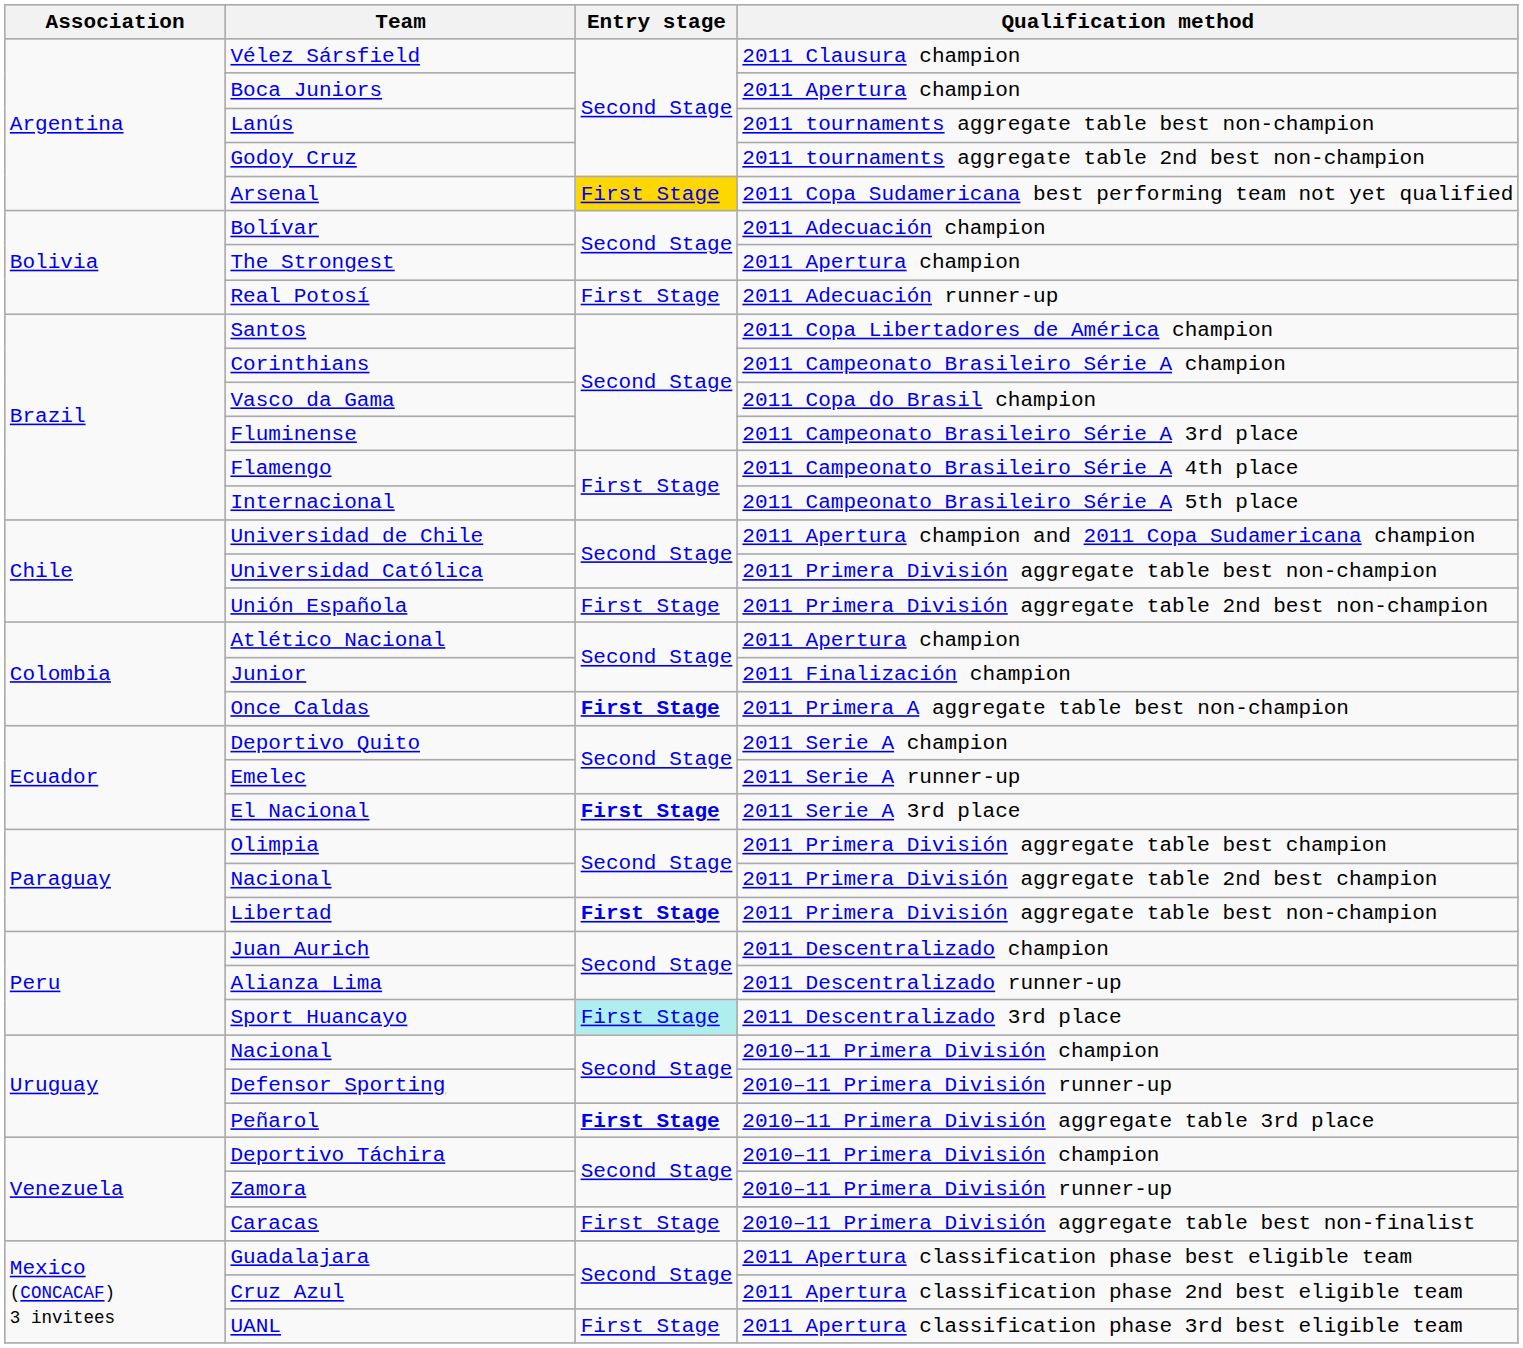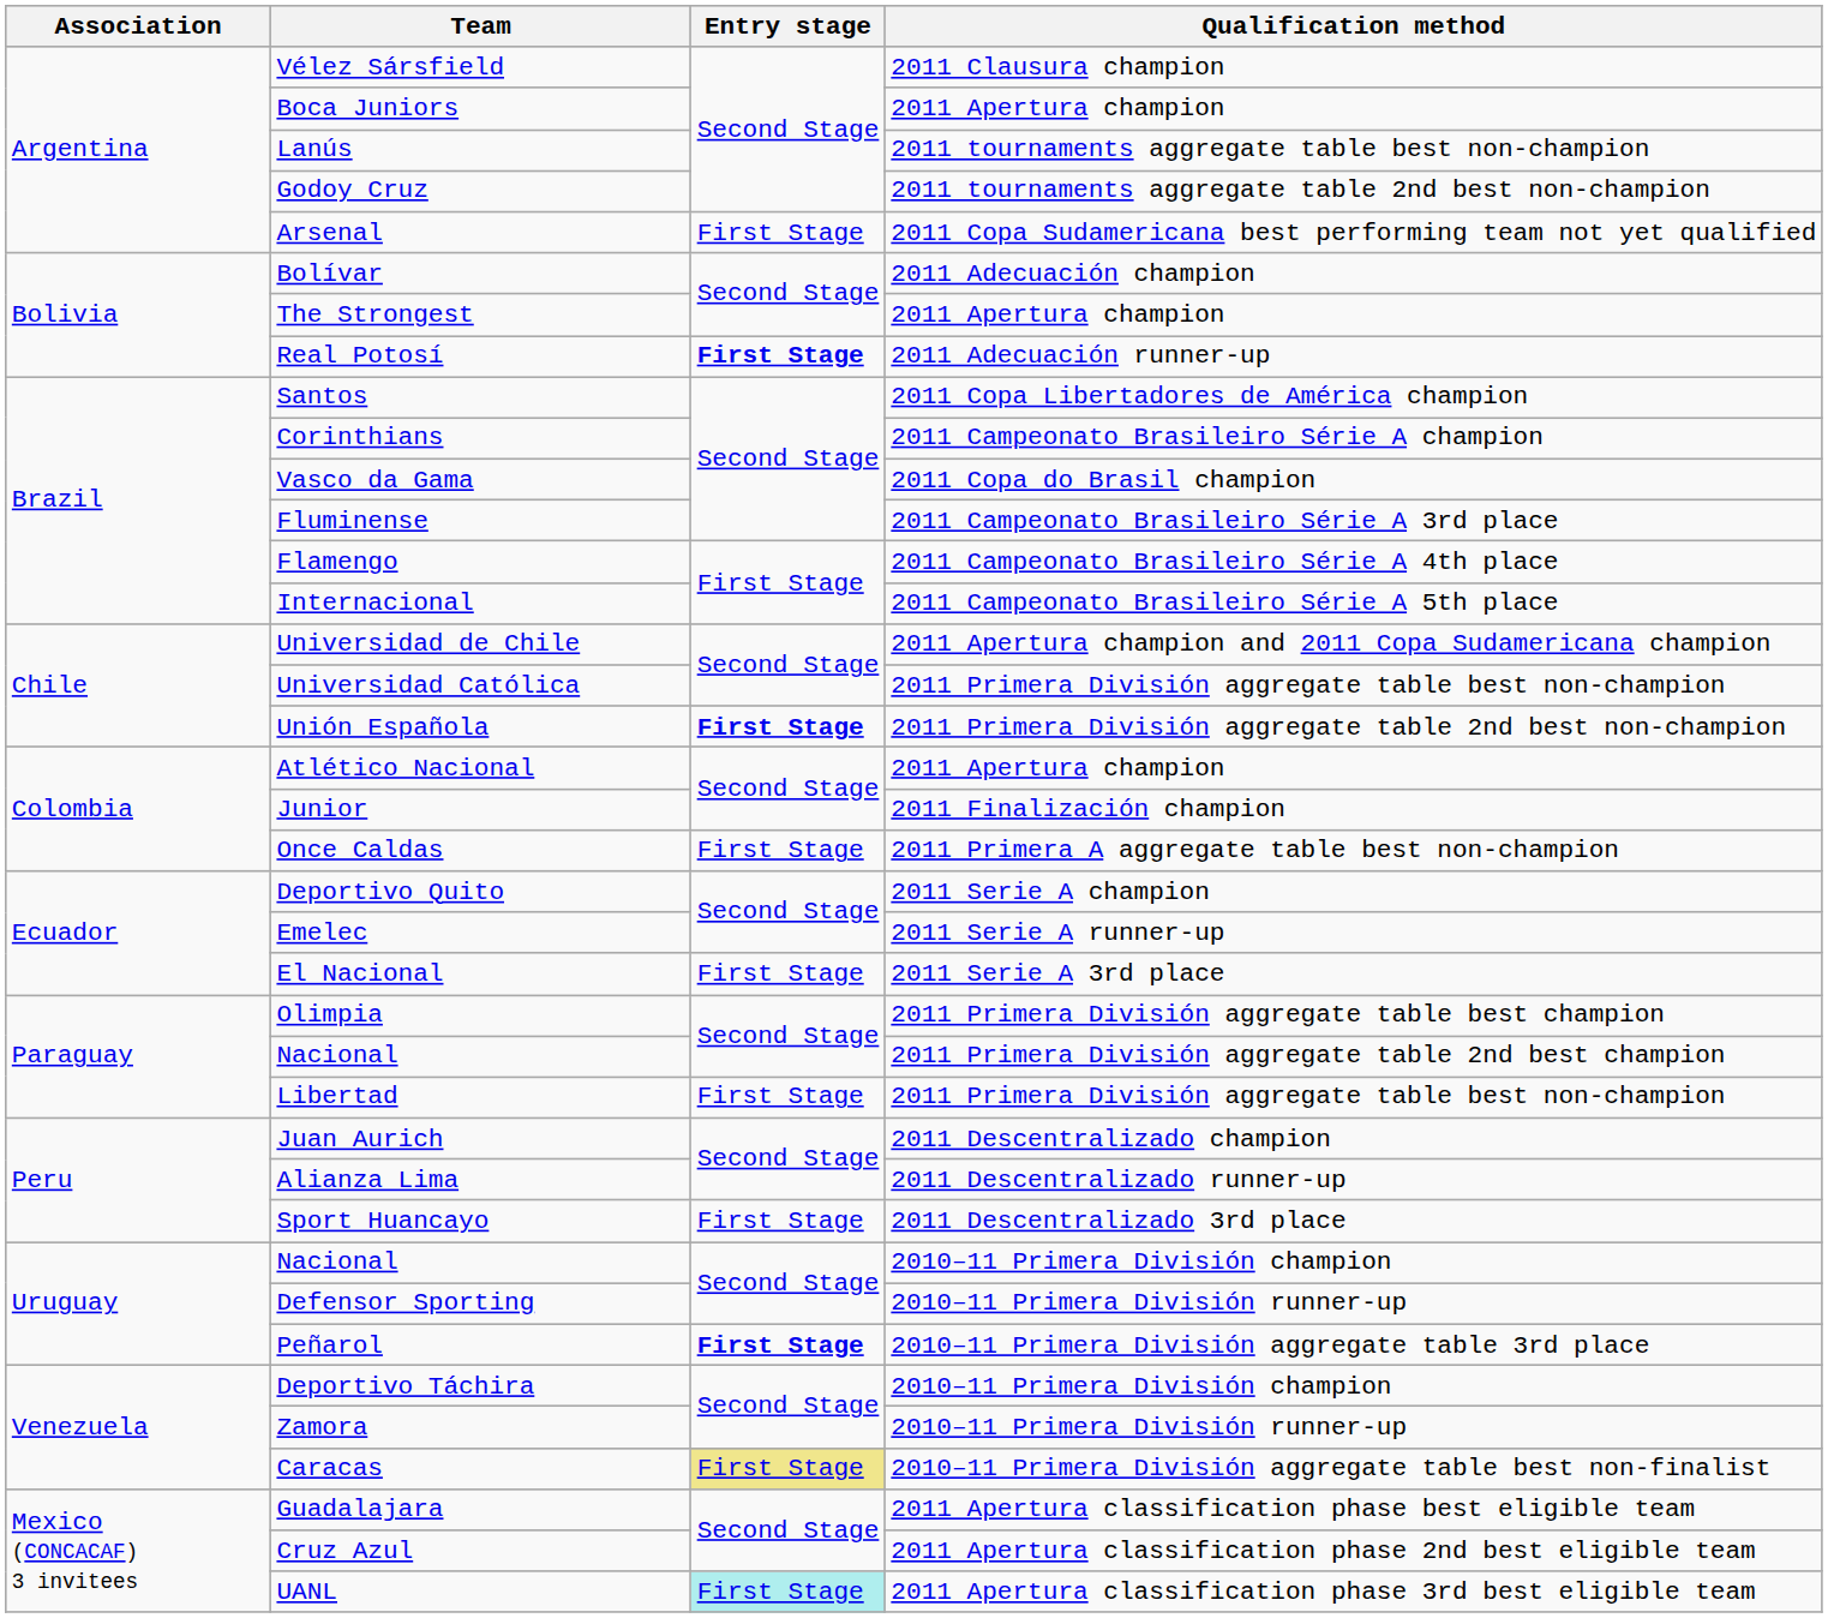 <table class="wikitable">
 <tr>
 <th width=130>Association</th>
 <th width=210>Team </th>
 <th>Entry stage</th>
 <th>Qualification method</th>
 </tr>
 <tr>
 <td rowspan="5"> <a href='#'>Argentina</a><br></td>
 <td><a href='#'>Vélez Sársfield</a> </td>
 <td rowspan="4"><a href='#'>Second Stage</a></td>
 <td><a href='#'>2011 Clausura</a> champion</td>
 </tr>
 <tr>
 <td><a href='#'>Boca Juniors</a> </td>
 <td><a href='#'>2011 Apertura</a> champion</td>
 </tr>
 <tr>
 <td><a href='#'>Lanús</a> </td>
 <td><a href='#'>2011 tournaments</a> aggregate table best non-champion</td>
 </tr>
 <tr>
 <td><a href='#'>Godoy Cruz</a> </td>
 <td><a href='#'>2011 tournaments</a> aggregate table 2nd best non-champion</td>
 </tr>
 <tr>
 <td><a href='#'>Arsenal</a> </td>
-<td style="background: gold;"><a href='#'>First Stage</a></td>
+<td><a href='#'>First Stage</a></td>
 <td><a href='#'>2011 Copa Sudamericana</a> best performing team not yet qualified</td>
 </tr>
 <tr>
 <td rowspan="3"> <a href='#'>Bolivia</a><br></td>
 <td><a href='#'>Bolívar</a> </td>
 <td rowspan="2"><a href='#'>Second Stage</a></td>
 <td><a href='#'>2011 Adecuación</a> champion</td>
 </tr>
 <tr>
 <td><a href='#'>The Strongest</a> </td>
 <td><a href='#'>2011 Apertura</a> champion</td>
 </tr>
 <tr>
 <td><a href='#'>Real Potosí</a> </td>
-<td><a href='#'>First Stage</a></td>
+<td><strong><a href='#'>First Stage</a></strong></td>
 <td><a href='#'>2011 Adecuación</a> runner-up</td>
 </tr>
 <tr>
 <td rowspan="6"> <a href='#'>Brazil</a><br></td>
 <td><a href='#'>Santos</a> </td>
 <td rowspan="4"><a href='#'>Second Stage</a></td>
 <td><a href='#'>2011 Copa Libertadores de América</a> champion</td>
 </tr>
 <tr>
 <td><a href='#'>Corinthians</a> </td>
 <td><a href='#'>2011 Campeonato Brasileiro Série A</a> champion</td>
 </tr>
 <tr>
 <td><a href='#'>Vasco da Gama</a> </td>
 <td><a href='#'>2011 Copa do Brasil</a> champion</td>
 </tr>
 <tr>
 <td><a href='#'>Fluminense</a> </td>
 <td><a href='#'>2011 Campeonato Brasileiro Série A</a> 3rd place</td>
 </tr>
 <tr>
 <td><a href='#'>Flamengo</a> </td>
 <td rowspan="2"><a href='#'>First Stage</a></td>
 <td><a href='#'>2011 Campeonato Brasileiro Série A</a> 4th place</td>
 </tr>
 <tr>
 <td><a href='#'>Internacional</a> </td>
 <td><a href='#'>2011 Campeonato Brasileiro Série A</a> 5th place</td>
 </tr>
 <tr>
 <td rowspan="3"> <a href='#'>Chile</a><br></td>
 <td><a href='#'>Universidad de Chile</a> </td>
 <td rowspan="2"><a href='#'>Second Stage</a></td>
 <td><a href='#'>2011 Apertura</a> champion and <a href='#'>2011 Copa Sudamericana</a> champion</td>
 </tr>
 <tr>
 <td><a href='#'>Universidad Católica</a> </td>
 <td><a href='#'>2011 Primera División</a> aggregate table best non-champion</td>
 </tr>
 <tr>
 <td><a href='#'>Unión Española</a> </td>
-<td><a href='#'>First Stage</a></td>
+<td><strong><a href='#'>First Stage</a></strong></td>
 <td><a href='#'>2011 Primera División</a> aggregate table 2nd best non-champion</td>
 </tr>
 <tr>
 <td rowspan="3"> <a href='#'>Colombia</a><br></td>
 <td><a href='#'>Atlético Nacional</a> </td>
 <td rowspan="2"><a href='#'>Second Stage</a></td>
 <td><a href='#'>2011 Apertura</a> champion</td>
 </tr>
 <tr>
 <td><a href='#'>Junior</a> </td>
 <td><a href='#'>2011 Finalización</a> champion</td>
 </tr>
 <tr>
 <td><a href='#'>Once Caldas</a> </td>
-<td><strong><a href='#'>First Stage</a></strong></td>
+<td><a href='#'>First Stage</a></td>
 <td><a href='#'>2011 Primera A</a> aggregate table best non-champion</td>
 </tr>
 <tr>
 <td rowspan="3"> <a href='#'>Ecuador</a><br></td>
 <td><a href='#'>Deportivo Quito</a> </td>
 <td rowspan="2"><a href='#'>Second Stage</a></td>
 <td><a href='#'>2011 Serie A</a> champion</td>
 </tr>
 <tr>
 <td><a href='#'>Emelec</a> </td>
 <td><a href='#'>2011 Serie A</a> runner-up</td>
 </tr>
 <tr>
 <td><a href='#'>El Nacional</a> </td>
-<td><strong><a href='#'>First Stage</a></strong></td>
+<td><a href='#'>First Stage</a></td>
 <td><a href='#'>2011 Serie A</a> 3rd place</td>
 </tr>
 <tr>
 <td rowspan="3"> <a href='#'>Paraguay</a><br></td>
 <td><a href='#'>Olimpia</a> </td>
 <td rowspan="2"><a href='#'>Second Stage</a></td>
 <td><a href='#'>2011 Primera División</a> aggregate table best champion</td>
 </tr>
 <tr>
 <td><a href='#'>Nacional</a> </td>
 <td><a href='#'>2011 Primera División</a> aggregate table 2nd best champion</td>
 </tr>
 <tr>
 <td><a href='#'>Libertad</a> </td>
-<td><strong><a href='#'>First Stage</a></strong></td>
+<td><a href='#'>First Stage</a></td>
 <td><a href='#'>2011 Primera División</a> aggregate table best non-champion</td>
 </tr>
 <tr>
 <td rowspan="3"> <a href='#'>Peru</a><br></td>
 <td><a href='#'>Juan Aurich</a> </td>
 <td rowspan="2"><a href='#'>Second Stage</a></td>
 <td><a href='#'>2011 Descentralizado</a> champion</td>
 </tr>
 <tr>
 <td><a href='#'>Alianza Lima</a> </td>
 <td><a href='#'>2011 Descentralizado</a> runner-up</td>
 </tr>
 <tr>
 <td><a href='#'>Sport Huancayo</a> </td>
-<td style="background: paleturquoise;"><a href='#'>First Stage</a></td>
+<td><a href='#'>First Stage</a></td>
 <td><a href='#'>2011 Descentralizado</a> 3rd place</td>
 </tr>
 <tr>
 <td rowspan="3"> <a href='#'>Uruguay</a><br></td>
 <td><a href='#'>Nacional</a> </td>
 <td rowspan="2"><a href='#'>Second Stage</a></td>
 <td><a href='#'>2010–11 Primera División</a> champion</td>
 </tr>
 <tr>
 <td><a href='#'>Defensor Sporting</a> </td>
 <td><a href='#'>2010–11 Primera División</a> runner-up</td>
 </tr>
 <tr>
 <td><a href='#'>Peñarol</a> </td>
 <td><strong><a href='#'>First Stage</a></strong></td>
 <td><a href='#'>2010–11 Primera División</a> aggregate table 3rd place</td>
 </tr>
 <tr>
 <td rowspan="3"> <a href='#'>Venezuela</a><br></td>
 <td><a href='#'>Deportivo Táchira</a> </td>
 <td rowspan="2"><a href='#'>Second Stage</a></td>
 <td><a href='#'>2010–11 Primera División</a> champion</td>
 </tr>
 <tr>
 <td><a href='#'>Zamora</a> </td>
 <td><a href='#'>2010–11 Primera División</a> runner-up</td>
 </tr>
 <tr>
 <td><a href='#'>Caracas</a> </td>
-<td><a href='#'>First Stage</a></td>
+<td style="background: khaki;"><a href='#'>First Stage</a></td>
 <td><a href='#'>2010–11 Primera División</a> aggregate table best non-finalist</td>
 </tr>
 <tr>
 <td rowspan="3"> <a href='#'>Mexico</a><br><small>(<a href='#'>CONCACAF</a>)<br>3 invitees</small></td>
 <td><a href='#'>Guadalajara</a> </td>
 <td rowspan="2"><a href='#'>Second Stage</a></td>
 <td><a href='#'>2011 Apertura</a> classification phase best eligible team</td>
 </tr>
 <tr>
 <td><a href='#'>Cruz Azul</a> </td>
 <td><a href='#'>2011 Apertura</a> classification phase 2nd best eligible team</td>
 </tr>
 <tr>
 <td><a href='#'>UANL</a> </td>
-<td><a href='#'>First Stage</a></td>
+<td style="background: paleturquoise;"><a href='#'>First Stage</a></td>
 <td><a href='#'>2011 Apertura</a> classification phase 3rd best eligible team</td>
 </tr>
 </table>
